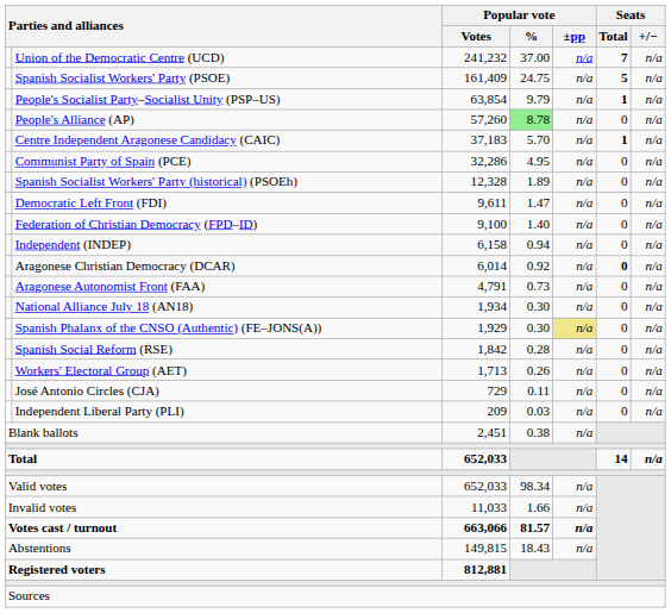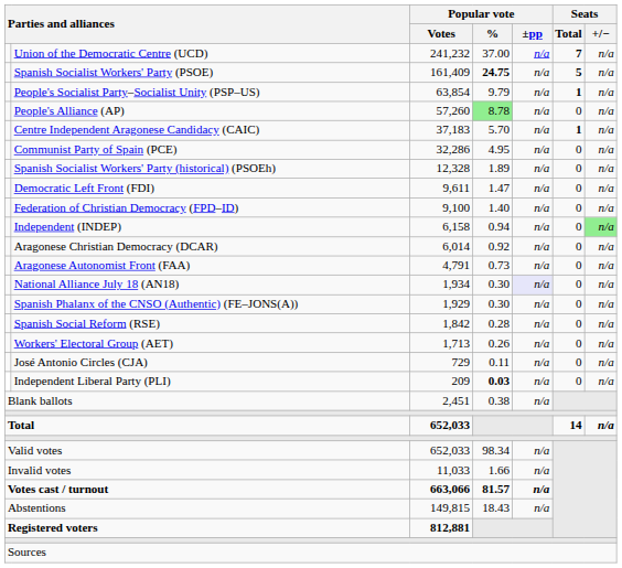 <table class="wikitable" style="text-align:right;">
 <tr>
 <th style="text-align:left;" rowspan="2" colspan="2" width="525">Parties and alliances</th>
 <th colspan="3">Popular vote</th>
 <th colspan="2">Seats</th>
 </tr>
 <tr>
 <th width="75">Votes</th>
 <th width="45">%</th>
 <th width="45">±<a href='#'>pp</a></th>
 <th width="35">Total</th>
 <th width="35">+/−</th>
 </tr>
 <tr>
 <td width="1" style="color:inherit;background:"></td>
 <td align="left"><a href='#'>Union of the Democratic Centre</a> (UCD)</td>
 <td>241,232</td>
 <td>37.00</td>
 <td><em><a href='#'>n/a</a></em></td>
 <td><strong>7</strong></td>
 <td><em>n/a</em></td>
 </tr>
 <tr>
 <td style="color:inherit;background:"></td>
 <td align="left"><a href='#'>Spanish Socialist Workers' Party</a> (PSOE)</td>
 <td>161,409</td>
-<td>24.75</td>
+<td><strong>24.75</strong></td>
 <td><em>n/a</em></td>
 <td><strong>5</strong></td>
 <td><em>n/a</em></td>
 </tr>
 <tr>
 <td style="color:inherit;background:"></td>
 <td align="left"><a href='#'>People's Socialist Party</a>–<a href='#'>Socialist Unity</a> (PSP–US)</td>
 <td>63,854</td>
 <td>9.79</td>
 <td><em>n/a</em></td>
 <td><strong>1</strong></td>
 <td><em>n/a</em></td>
 </tr>
 <tr>
 <td style="color:inherit;background:"></td>
 <td align="left"><a href='#'>People's Alliance</a> (AP)</td>
 <td>57,260</td>
 <td style="background: lightgreen;">8.78</td>
 <td><em>n/a</em></td>
 <td>0</td>
 <td><em>n/a</em></td>
 </tr>
 <tr>
 <td style="color:inherit;background:"></td>
 <td align="left"><a href='#'>Centre Independent Aragonese Candidacy</a> (CAIC)</td>
 <td>37,183</td>
 <td>5.70</td>
 <td><em>n/a</em></td>
 <td><strong>1</strong></td>
 <td><em>n/a</em></td>
 </tr>
 <tr>
 <td style="color:inherit;background:"></td>
 <td align="left"><a href='#'>Communist Party of Spain</a> (PCE)</td>
 <td>32,286</td>
 <td>4.95</td>
 <td><em>n/a</em></td>
 <td>0</td>
 <td><em>n/a</em></td>
 </tr>
 <tr>
 <td style="color:inherit;background:"></td>
 <td align="left"><a href='#'>Spanish Socialist Workers' Party (historical)</a> (PSOEh)</td>
 <td>12,328</td>
 <td>1.89</td>
 <td><em>n/a</em></td>
 <td>0</td>
 <td><em>n/a</em></td>
 </tr>
 <tr>
 <td style="color:inherit;background:"></td>
 <td align="left"><a href='#'>Democratic Left Front</a> (FDI)</td>
 <td>9,611</td>
 <td>1.47</td>
 <td><em>n/a</em></td>
 <td>0</td>
 <td><em>n/a</em></td>
 </tr>
 <tr>
 <td style="color:inherit;background:"></td>
 <td align="left"><a href='#'>Federation of Christian Democracy</a> (<a href='#'>FPD</a>–<a href='#'>ID</a>)</td>
 <td>9,100</td>
 <td>1.40</td>
 <td><em>n/a</em></td>
 <td>0</td>
 <td><em>n/a</em></td>
 </tr>
 <tr>
 <td style="color:inherit;background:"></td>
 <td align="left"><a href='#'>Independent</a> (INDEP)</td>
 <td>6,158</td>
 <td>0.94</td>
 <td><em>n/a</em></td>
 <td>0</td>
-<td><em>n/a</em></td>
+<td style="background: lightgreen;"><em>n/a</em></td>
 </tr>
 <tr>
 <td style="color:inherit;background:"></td>
 <td align="left">Aragonese Christian Democracy (DCAR)</td>
 <td>6,014</td>
 <td>0.92</td>
 <td><em>n/a</em></td>
-<td><strong>0</strong></td>
+<td>0</td>
 <td><em>n/a</em></td>
 </tr>
 <tr>
 <td style="color:inherit;background:"></td>
 <td align="left"><a href='#'>Aragonese Autonomist Front</a> (FAA)</td>
 <td>4,791</td>
 <td>0.73</td>
 <td><em>n/a</em></td>
 <td>0</td>
 <td><em>n/a</em></td>
 </tr>
 <tr>
 <td style="color:inherit;background:"></td>
 <td align="left"><a href='#'>National Alliance July 18</a> (AN18)</td>
 <td>1,934</td>
 <td>0.30</td>
-<td><em>n/a</em></td>
+<td style="background: lavender;"><em>n/a</em></td>
 <td>0</td>
 <td><em>n/a</em></td>
 </tr>
 <tr>
 <td style="color:inherit;background:"></td>
 <td align="left"><a href='#'>Spanish Phalanx of the CNSO (Authentic)</a> (FE–JONS(A))</td>
 <td>1,929</td>
 <td>0.30</td>
-<td style="background: khaki;"><em>n/a</em></td>
+<td><em>n/a</em></td>
 <td>0</td>
 <td><em>n/a</em></td>
 </tr>
 <tr>
 <td style="color:inherit;background:"></td>
 <td align="left"><a href='#'>Spanish Social Reform</a> (RSE)</td>
 <td>1,842</td>
 <td>0.28</td>
 <td><em>n/a</em></td>
 <td>0</td>
 <td><em>n/a</em></td>
 </tr>
 <tr>
 <td style="color:inherit;background:"></td>
 <td align="left"><a href='#'>Workers' Electoral Group</a> (AET)</td>
 <td>1,713</td>
 <td>0.26</td>
 <td><em>n/a</em></td>
 <td>0</td>
 <td><em>n/a</em></td>
 </tr>
 <tr>
 <td style="color:inherit;background:"></td>
 <td align="left">José Antonio Circles (CJA)</td>
 <td>729</td>
 <td>0.11</td>
 <td><em>n/a</em></td>
 <td>0</td>
 <td><em>n/a</em></td>
 </tr>
 <tr>
 <td bgcolor="white"></td>
 <td align="left">Independent Liberal Party (PLI)</td>
 <td>209</td>
-<td>0.03</td>
+<td><strong>0.03</strong></td>
 <td><em>n/a</em></td>
 <td>0</td>
 <td><em>n/a</em></td>
 </tr>
 <tr>
 <td align="left" colspan="2">Blank ballots</td>
 <td>2,451</td>
 <td>0.38</td>
 <td><em>n/a</em></td>
 <td bgcolor="#E9E9E9" colspan="2"></td>
 </tr>
 <tr>
 <td colspan="7" bgcolor="#E9E9E9"></td>
 </tr>
 <tr style="font-weight:bold;">
 <td align="left" colspan="2">Total</td>
 <td>652,033</td>
 <td bgcolor="#E9E9E9" colspan="2"></td>
 <td>14</td>
 <td><em>n/a</em></td>
 </tr>
 <tr>
 <td colspan="7" bgcolor="#E9E9E9"></td>
 </tr>
 <tr>
 <td align="left" colspan="2">Valid votes</td>
 <td>652,033</td>
 <td>98.34</td>
 <td><em>n/a</em></td>
 <td bgcolor="#E9E9E9" colspan="2" rowspan="5"></td>
 </tr>
 <tr>
 <td align="left" colspan="2">Invalid votes</td>
 <td>11,033</td>
 <td>1.66</td>
 <td><em>n/a</em></td>
 </tr>
 <tr style="font-weight:bold;">
 <td align="left" colspan="2">Votes cast / turnout</td>
 <td>663,066</td>
 <td>81.57</td>
 <td><em>n/a</em></td>
 </tr>
 <tr>
 <td align="left" colspan="2">Abstentions</td>
 <td>149,815</td>
 <td>18.43</td>
 <td><em>n/a</em></td>
 </tr>
 <tr style="font-weight:bold;">
 <td align="left" colspan="2">Registered voters</td>
 <td>812,881</td>
 <td bgcolor="#E9E9E9" colspan="2"></td>
 </tr>
 <tr>
 <td colspan="7" bgcolor="#E9E9E9"></td>
 </tr>
 <tr>
 <td align="left" colspan="7">Sources</td>
 </tr>
 </table>
